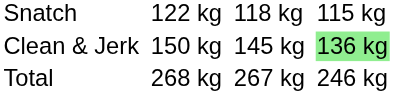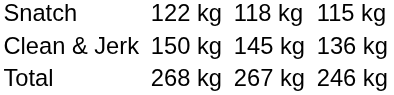 <table>
 <tr>
 <td>Snatch</td>
 <td></td>
 <td>122 kg</td>
 <td></td>
 <td>118 kg</td>
 <td></td>
 <td>115 kg</td>
 </tr>
 <tr>
 <td>Clean & Jerk</td>
 <td></td>
 <td>150 kg</td>
 <td></td>
 <td>145 kg</td>
 <td></td>
-<td style="background: lightgreen;">136 kg</td>
+<td>136 kg</td>
 </tr>
 <tr>
 <td>Total</td>
 <td></td>
 <td>268 kg</td>
 <td></td>
 <td>267 kg</td>
 <td></td>
 <td>246 kg</td>
 </tr>
 </table>
